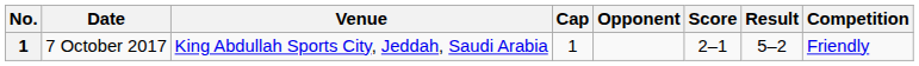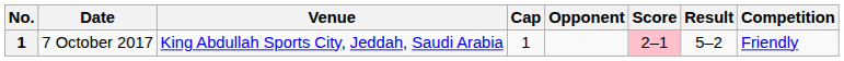 <table class="wikitable plainrowheaders sortable">
 <tr>
 <th scope=col>No.</th>
 <th scope=col data-sort-type=date>Date</th>
 <th scope=col>Venue</th>
 <th scope=col>Cap</th>
 <th scope=col>Opponent</th>
 <th scope=col>Score</th>
 <th scope=col>Result</th>
 <th scope=col>Competition</th>
 </tr>
 <tr>
 <th scope=row>1</th>
 <td rowspan=2>7 October 2017</td>
 <td rowspan=2><a href='#'>King Abdullah Sports City</a>, <a href='#'>Jeddah</a>, <a href='#'>Saudi Arabia</a></td>
 <td rowspan=2 align=center>1</td>
 <td rowspan=2></td>
-<td align=center>2–1</td>
+<td align=center style="background: pink;">2–1</td>
 <td rowspan=2 align=center>5–2</td>
 <td rowspan=3><a href='#'>Friendly</a></td>
 </tr>
 </table>
